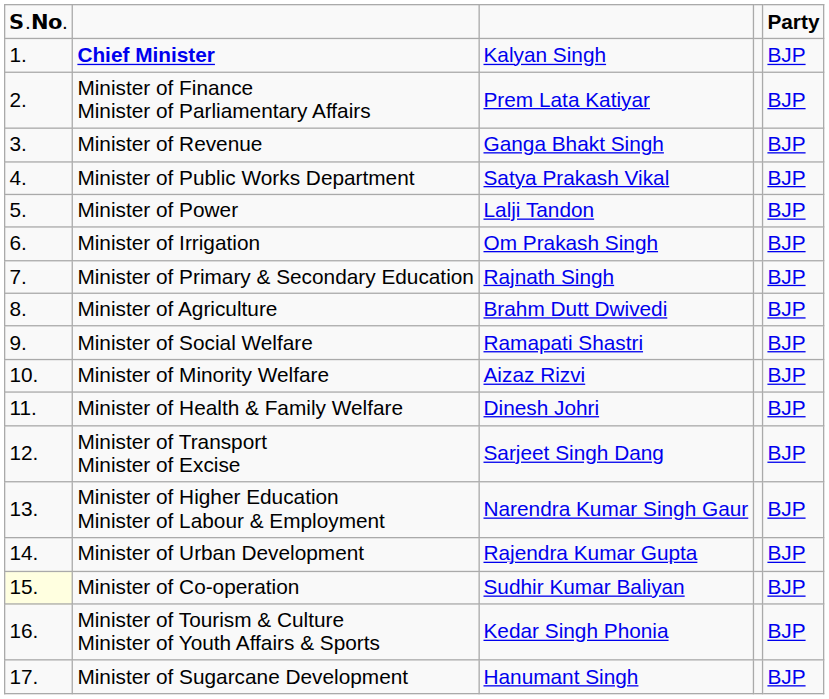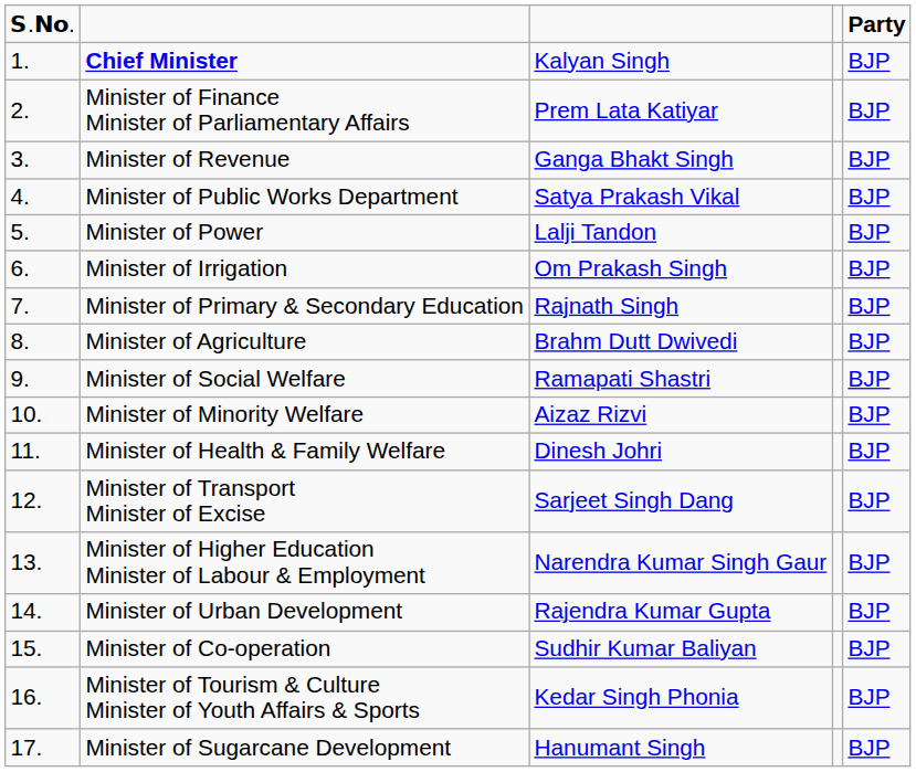 <table class="wikitable">
 <tr>
 <td>𝗦.𝗡𝗼.</td>
 <td></td>
 <td></td>
 <td></td>
 <td><strong>Party</strong></td>
 </tr>
 <tr>
 <td>1.</td>
 <td><a href='#'><strong>Chief Minister</strong></a></td>
 <td><a href='#'>Kalyan Singh</a></td>
 <td></td>
 <td><a href='#'>BJP</a></td>
 </tr>
 <tr>
 <td>2.</td>
 <td>Minister of Finance<br>Minister of Parliamentary Affairs</td>
 <td><a href='#'>Prem Lata Katiyar</a></td>
 <td></td>
 <td><a href='#'>BJP</a></td>
 </tr>
 <tr>
 <td>3.</td>
 <td>Minister of Revenue</td>
 <td><a href='#'>Ganga Bhakt Singh</a></td>
 <td></td>
 <td><a href='#'>BJP</a></td>
 </tr>
 <tr>
 <td>4.</td>
 <td>Minister of Public Works Department</td>
 <td><a href='#'>Satya Prakash Vikal</a></td>
 <td></td>
 <td><a href='#'>BJP</a></td>
 </tr>
 <tr>
 <td>5.</td>
 <td>Minister of Power</td>
 <td><a href='#'>Lalji Tandon</a></td>
 <td></td>
 <td><a href='#'>BJP</a></td>
 </tr>
 <tr>
 <td>6.</td>
 <td>Minister of Irrigation</td>
 <td><a href='#'>Om Prakash Singh</a></td>
 <td></td>
 <td><a href='#'>BJP</a></td>
 </tr>
 <tr>
 <td>7.</td>
 <td>Minister of Primary & Secondary Education</td>
 <td><a href='#'>Rajnath Singh</a></td>
 <td></td>
 <td><a href='#'>BJP</a></td>
 </tr>
 <tr>
 <td>8.</td>
 <td>Minister of Agriculture</td>
 <td><a href='#'>Brahm Dutt Dwivedi</a></td>
 <td></td>
 <td><a href='#'>BJP</a></td>
 </tr>
 <tr>
 <td>9.</td>
 <td>Minister of Social Welfare</td>
 <td><a href='#'>Ramapati Shastri</a></td>
 <td></td>
 <td><a href='#'>BJP</a></td>
 </tr>
 <tr>
 <td>10.</td>
 <td>Minister of Minority Welfare</td>
 <td><a href='#'>Aizaz Rizvi</a></td>
 <td></td>
 <td><a href='#'>BJP</a></td>
 </tr>
 <tr>
 <td>11.</td>
 <td>Minister of Health & Family Welfare</td>
 <td><a href='#'>Dinesh Johri</a></td>
 <td></td>
 <td><a href='#'>BJP</a></td>
 </tr>
 <tr>
 <td>12.</td>
 <td>Minister of Transport<br>Minister of Excise</td>
 <td><a href='#'>Sarjeet Singh Dang</a></td>
 <td></td>
 <td><a href='#'>BJP</a></td>
 </tr>
 <tr>
 <td>13.</td>
 <td>Minister of Higher Education<br>Minister of Labour & Employment</td>
 <td><a href='#'>Narendra Kumar Singh Gaur</a></td>
 <td></td>
 <td><a href='#'>BJP</a></td>
 </tr>
 <tr>
 <td>14.</td>
 <td>Minister of Urban Development</td>
 <td><a href='#'>Rajendra Kumar Gupta</a></td>
 <td></td>
 <td><a href='#'>BJP</a></td>
 </tr>
 <tr>
-<td style="background: lightyellow;">15.</td>
+<td>15.</td>
 <td>Minister of Co-operation</td>
 <td><a href='#'>Sudhir Kumar Baliyan</a></td>
 <td></td>
 <td><a href='#'>BJP</a></td>
 </tr>
 <tr>
 <td>16.</td>
 <td>Minister of Tourism & Culture<br>Minister of Youth Affairs & Sports</td>
 <td><a href='#'>Kedar Singh Phonia</a></td>
 <td></td>
 <td><a href='#'>BJP</a></td>
 </tr>
 <tr>
 <td>17.</td>
 <td>Minister of Sugarcane Development</td>
 <td><a href='#'>Hanumant Singh</a></td>
 <td></td>
 <td><a href='#'>BJP</a></td>
 </tr>
 </table>
